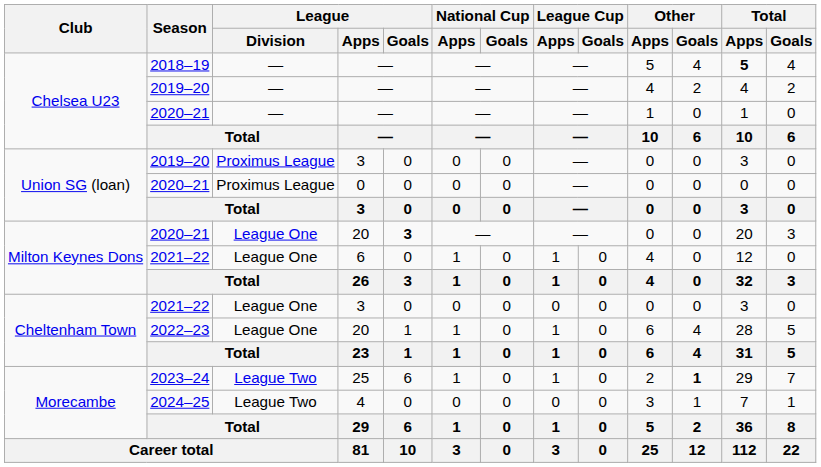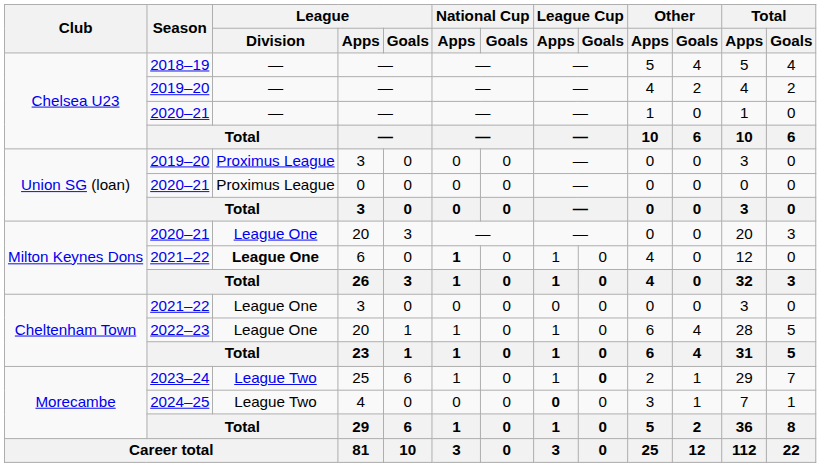 <table class=wikitable style=text-align:center>
 <tr>
 <th rowspan=2>Club</th>
 <th rowspan=2>Season</th>
 <th colspan=3>League</th>
 <th colspan=2>National Cup</th>
 <th colspan=2>League Cup</th>
 <th colspan=2>Other</th>
 <th colspan=2>Total</th>
 </tr>
 <tr>
 <th>Division</th>
 <th>Apps</th>
 <th>Goals</th>
 <th>Apps</th>
 <th>Goals</th>
 <th>Apps</th>
 <th>Goals</th>
 <th>Apps</th>
 <th>Goals</th>
 <th>Apps</th>
 <th>Goals</th>
 </tr>
 <tr>
 <td rowspan="4"><a href='#'>Chelsea U23</a></td>
 <td><a href='#'>2018–19</a></td>
 <td colspan="1">—</td>
 <td colspan="2">—</td>
 <td colspan="2">—</td>
 <td colspan="2">—</td>
 <td>5</td>
 <td>4</td>
-<td><strong>5</strong></td>
+<td>5</td>
 <td>4</td>
 </tr>
 <tr>
 <td><a href='#'>2019–20</a></td>
 <td colspan="1">—</td>
 <td colspan="2">—</td>
 <td colspan="2">—</td>
 <td colspan="2">—</td>
 <td>4</td>
 <td>2</td>
 <td>4</td>
 <td>2</td>
 </tr>
 <tr>
 <td><a href='#'>2020–21</a></td>
 <td colspan="1">—</td>
 <td colspan="2">—</td>
 <td colspan="2">—</td>
 <td colspan="2">—</td>
 <td>1</td>
 <td>0</td>
 <td>1</td>
 <td>0</td>
 </tr>
 <tr>
 <th colspan="2">Total</th>
 <th colspan="2">—</th>
 <th colspan="2">—</th>
 <th colspan="2">—</th>
 <th>10</th>
 <th>6</th>
 <th>10</th>
 <th>6</th>
 </tr>
 <tr>
 <td rowspan="3"><a href='#'>Union SG</a> (loan)</td>
 <td><a href='#'>2019–20</a></td>
 <td><a href='#'>Proximus League</a></td>
 <td>3</td>
 <td>0</td>
 <td>0</td>
 <td>0</td>
 <td colspan="2">—</td>
 <td>0</td>
 <td>0</td>
 <td>3</td>
 <td>0</td>
 </tr>
 <tr>
 <td><a href='#'>2020–21</a></td>
 <td>Proximus League</td>
 <td>0</td>
 <td>0</td>
 <td>0</td>
 <td>0</td>
 <td colspan="2">—</td>
 <td>0</td>
 <td>0</td>
 <td>0</td>
 <td>0</td>
 </tr>
 <tr>
 <th colspan="2">Total</th>
 <th>3</th>
 <th>0</th>
 <th>0</th>
 <th>0</th>
 <th colspan="2">—</th>
 <th>0</th>
 <th>0</th>
 <th>3</th>
 <th>0</th>
 </tr>
 <tr>
 <td rowspan="3"><a href='#'>Milton Keynes Dons</a></td>
 <td><a href='#'>2020–21</a></td>
 <td><a href='#'>League One</a></td>
 <td>20</td>
-<td><strong>3</strong></td>
+<td>3</td>
 <td colspan="2">—</td>
 <td colspan="2">—</td>
 <td>0</td>
 <td>0</td>
 <td>20</td>
 <td>3</td>
 </tr>
 <tr>
 <td><a href='#'>2021–22</a></td>
-<td>League One</td>
+<td><strong>League One</strong></td>
 <td>6</td>
 <td>0</td>
-<td>1</td>
+<td><strong>1</strong></td>
 <td>0</td>
 <td>1</td>
 <td>0</td>
 <td>4</td>
 <td>0</td>
 <td>12</td>
 <td>0</td>
 </tr>
 <tr>
 <th colspan="2">Total</th>
 <th>26</th>
 <th>3</th>
 <th>1</th>
 <th>0</th>
 <th>1</th>
 <th>0</th>
 <th>4</th>
 <th>0</th>
 <th>32</th>
 <th>3</th>
 </tr>
 <tr>
 <td rowspan="3"><a href='#'>Cheltenham Town</a></td>
 <td><a href='#'>2021–22</a></td>
 <td>League One</td>
 <td>3</td>
 <td>0</td>
 <td>0</td>
 <td>0</td>
 <td>0</td>
 <td>0</td>
 <td>0</td>
 <td>0</td>
 <td>3</td>
 <td>0</td>
 </tr>
 <tr>
 <td><a href='#'>2022–23</a></td>
 <td>League One</td>
 <td>20</td>
 <td>1</td>
 <td>1</td>
 <td>0</td>
 <td>1</td>
 <td>0</td>
 <td>6</td>
 <td>4</td>
 <td>28</td>
 <td>5</td>
 </tr>
 <tr>
 <th colspan="2">Total</th>
 <th>23</th>
 <th>1</th>
 <th>1</th>
 <th>0</th>
 <th>1</th>
 <th>0</th>
 <th>6</th>
 <th>4</th>
 <th>31</th>
 <th>5</th>
 </tr>
 <tr>
 <td rowspan="3"><a href='#'>Morecambe</a></td>
 <td><a href='#'>2023–24</a></td>
 <td><a href='#'>League Two</a></td>
 <td>25</td>
 <td>6</td>
 <td>1</td>
 <td>0</td>
 <td>1</td>
-<td>0</td>
+<td><strong>0</strong></td>
 <td>2</td>
-<td><strong>1</strong></td>
+<td>1</td>
 <td>29</td>
 <td>7</td>
 </tr>
 <tr>
 <td><a href='#'>2024–25</a></td>
 <td>League Two</td>
 <td>4</td>
 <td>0</td>
 <td>0</td>
 <td>0</td>
-<td>0</td>
+<td><strong>0</strong></td>
 <td>0</td>
 <td>3</td>
 <td>1</td>
 <td>7</td>
 <td>1</td>
 </tr>
 <tr>
 <th colspan="2">Total</th>
 <th>29</th>
 <th>6</th>
 <th>1</th>
 <th>0</th>
 <th>1</th>
 <th>0</th>
 <th>5</th>
 <th>2</th>
 <th>36</th>
 <th>8</th>
 </tr>
 <tr>
 <th colspan=3>Career total</th>
 <th>81</th>
 <th>10</th>
 <th>3</th>
 <th>0</th>
 <th>3</th>
 <th>0</th>
 <th>25</th>
 <th>12</th>
 <th>112</th>
 <th>22</th>
 </tr>
 </table>
